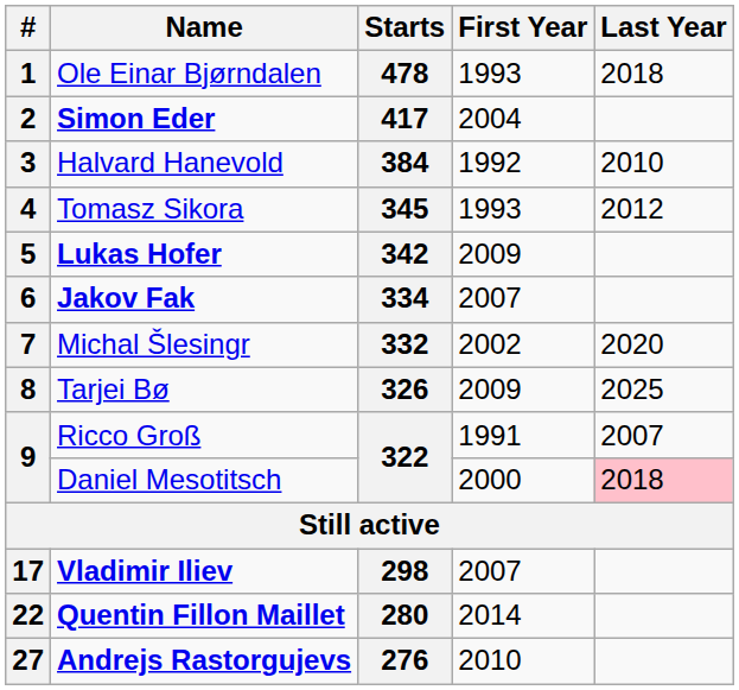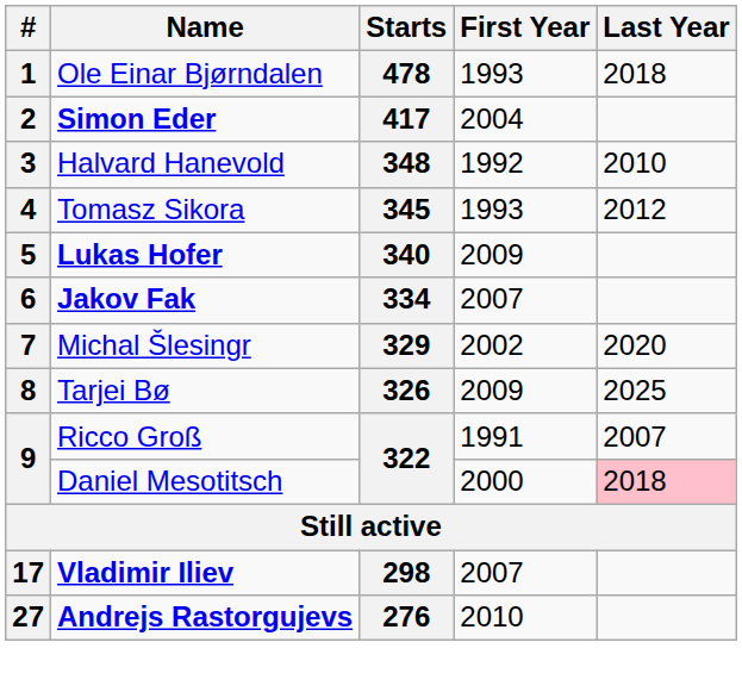 <table class="wikitable plainrowheaders" style="display:inline-table;">
 <tr>
 <th>#</th>
 <th>Name</th>
 <th>Starts</th>
 <th>First Year</th>
 <th>Last Year</th>
 </tr>
 <tr>
 <th>1</th>
 <td style="text-align:left"> <a href='#'>Ole Einar Bjørndalen</a></td>
 <th>478</th>
 <td>1993</td>
 <td>2018</td>
 </tr>
 <tr>
 <th>2</th>
 <td style="text-align:left"> <strong><a href='#'>Simon Eder</a></strong></td>
 <th>417</th>
 <td>2004</td>
 <td></td>
 </tr>
 <tr>
 <th>3</th>
 <td style="text-align:left"> <a href='#'>Halvard Hanevold</a></td>
-<th>384</th>
+<th>348</th>
 <td>1992</td>
 <td>2010</td>
 </tr>
 <tr>
 <th>4</th>
 <td style="text-align:left"> <a href='#'>Tomasz Sikora</a></td>
 <th>345</th>
 <td>1993</td>
 <td>2012</td>
 </tr>
 <tr>
 <th>5</th>
 <td style="text-align:left"> <strong><a href='#'>Lukas Hofer</a></strong></td>
-<th>342</th>
+<th>340</th>
 <td>2009</td>
 <td></td>
 </tr>
 <tr>
 <th>6</th>
 <td style="text-align:left"> <strong><a href='#'>Jakov Fak</a></strong></td>
 <th>334</th>
 <td>2007</td>
 <td></td>
 </tr>
 <tr>
 <th>7</th>
 <td style="text-align:left"> <a href='#'>Michal Šlesingr</a></td>
-<th>332</th>
+<th>329</th>
 <td>2002</td>
 <td>2020</td>
 </tr>
 <tr>
 <th>8</th>
 <td style="text-align:left"> <a href='#'>Tarjei Bø</a></td>
 <th>326</th>
 <td>2009</td>
 <td>2025</td>
 </tr>
 <tr>
 <th rowspan=2>9</th>
 <td style="text-align:left"> <a href='#'>Ricco Groß</a></td>
 <th rowspan=2>322</th>
 <td>1991</td>
 <td>2007</td>
 </tr>
 <tr>
 <td style="text-align:left"> <a href='#'>Daniel Mesotitsch</a></td>
 <td>2000</td>
 <td style="background: pink;">2018</td>
 </tr>
 <tr>
 <th colspan=5>Still active</th>
 </tr>
 <tr>
 <th>17</th>
 <td style="text-align:left"> <strong><a href='#'>Vladimir Iliev</a></strong></td>
 <th>298</th>
 <td>2007</td>
 <td></td>
 </tr>
 <tr>
-<th>22</th>
-<td style="text-align:left"> <strong><a href='#'>Quentin Fillon Maillet</a></strong></td>
-<th>280</th>
-<td>2014</td>
-<td></td>
-</tr>
-<tr>
 <th>27</th>
 <td style="text-align:left"> <strong><a href='#'>Andrejs Rastorgujevs</a></strong></td>
 <th>276</th>
 <td>2010</td>
 <td></td>
 </tr>
 </table>
